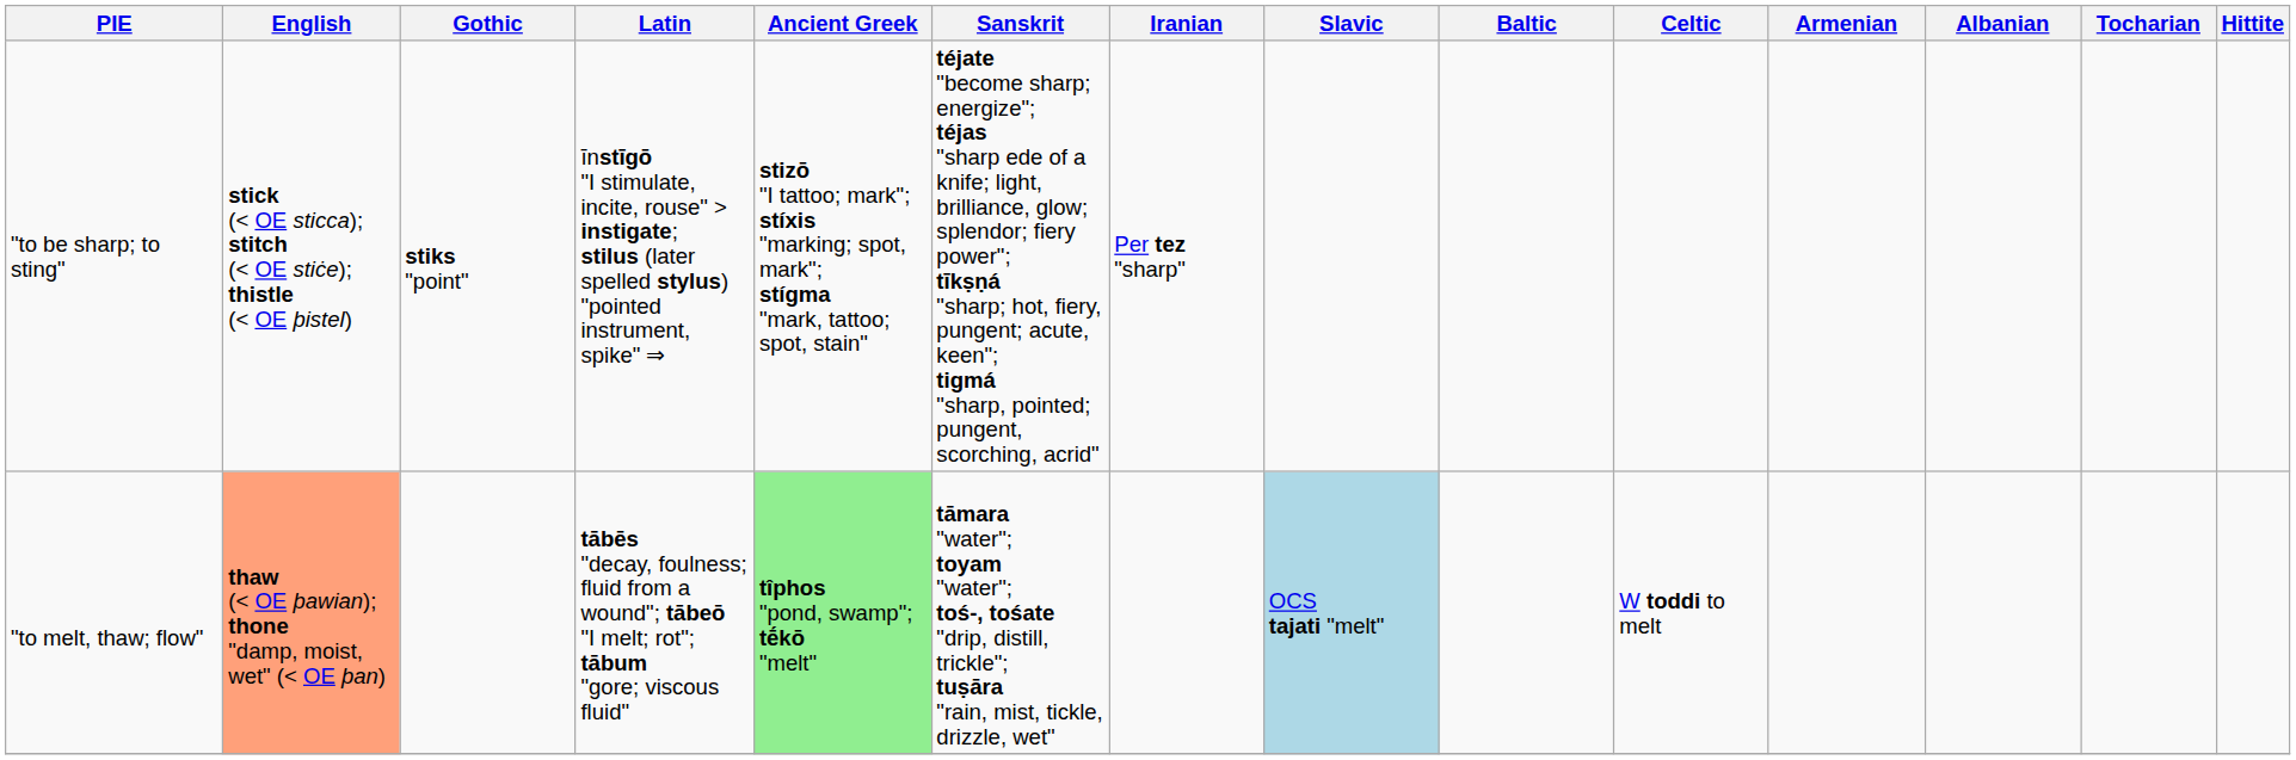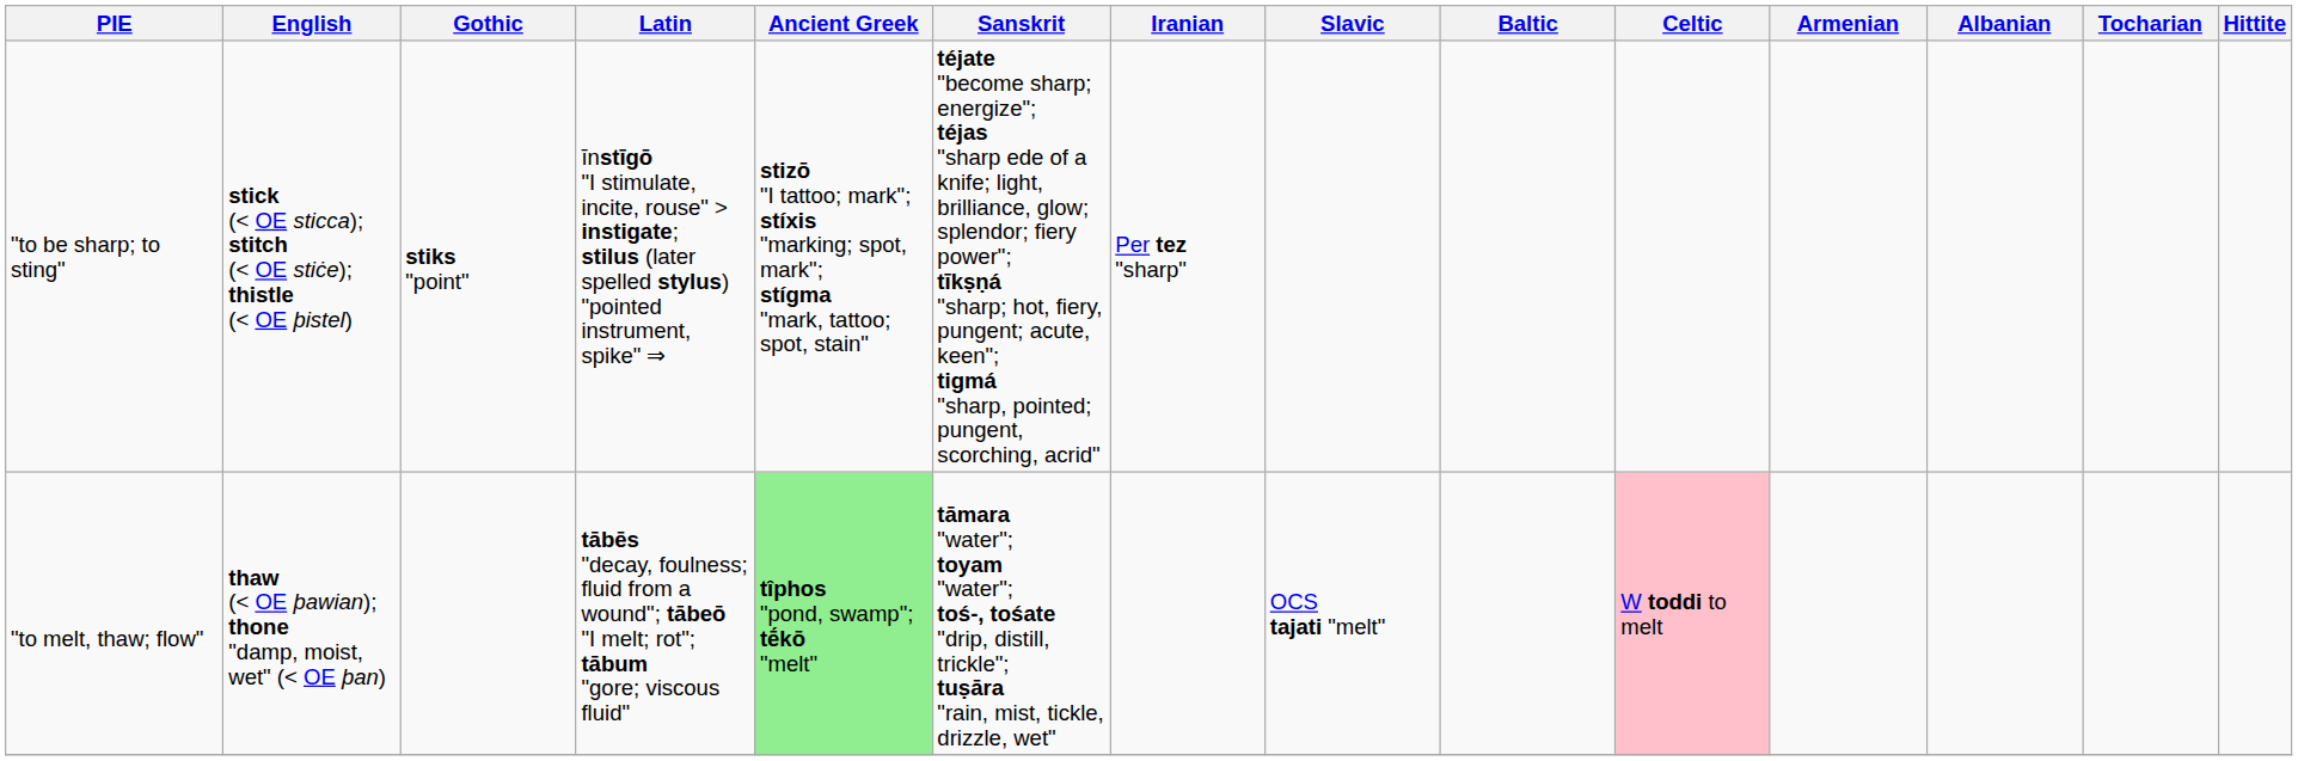 <table class="wikitable sticky-header" style="font-size:95%;">
 <tr>
 <th width="10%"><a href='#'>PIE</a></th>
 <th width="8%"><a href='#'>English</a></th>
 <th width="8%"><a href='#'>Gothic</a></th>
 <th width="8%"><a href='#'>Latin</a></th>
 <th width="8%"><a href='#'>Ancient Greek</a></th>
 <th width="8%"><a href='#'>Sanskrit</a></th>
 <th width="7%"><a href='#'>Iranian</a></th>
 <th width="8%"><a href='#'>Slavic</a></th>
 <th width="8%"><a href='#'>Baltic</a></th>
 <th width="7%"><a href='#'>Celtic</a></th>
 <th width="7%"><a href='#'>Armenian</a></th>
 <th width="7%"><a href='#'>Albanian</a></th>
 <th width="7%"><a href='#'>Tocharian</a></th>
 <th width="7%"><a href='#'>Hittite</a></th>
 </tr>
 <tr>
 <td> <strong></strong><br> "to be sharp; to sting" <br><br></td>
 <td><strong>stick</strong> <br> (< <a href='#'>OE</a> <em>sticca</em>);<br><strong>stitch</strong> <br> (< <a href='#'>OE</a> <em>stiċe</em>);<br><strong>thistle</strong> <br> (< <a href='#'>OE</a> <em>þistel</em>)</td>
 <td><br><strong>stiks</strong><br> "point"</td>
 <td>īn<strong>stīgō</strong><br> "I stimulate, incite, rouse" > <strong>instigate</strong>;<br><strong>stilus</strong> (later spelled <strong>stylus</strong>)<br> "pointed instrument, spike" ⇒<br> </td>
 <td><strong>stizō</strong><br> "I tattoo; mark";<br><strong>stíxis</strong><br> "marking; spot, mark";<br><strong>stígma</strong><br> "mark, tattoo; spot, stain"</td>
 <td><strong>téjate</strong><br> "become sharp; energize";<br><strong>téjas</strong><br> "sharp ede of a knife; light, brilliance, glow; splendor; fiery power";<br><strong>tīkṣṇá</strong><br> "sharp; hot, fiery, pungent; acute, keen";<br><strong>tigmá</strong><br> "sharp, pointed; pungent, scorching, acrid"</td>
 <td><a href='#'>Per</a> <strong>tez</strong> "sharp"</td>
 <td></td>
 <td></td>
 <td></td>
 <td></td>
 <td></td>
 <td></td>
 <td></td>
 </tr>
 <tr>
 <td><br>  <strong></strong><br> "to melt, thaw; flow" <br>   </td>
-<td style="background: lightsalmon;"><br><strong>thaw</strong> <br> (< <a href='#'>OE</a> <em>þawian</em>); <strong>thone</strong> <br> "damp, moist, wet" (< <a href='#'>OE</a> <em>þan</em>)</td>
+<td><br><strong>thaw</strong> <br> (< <a href='#'>OE</a> <em>þawian</em>); <strong>thone</strong> <br> "damp, moist, wet" (< <a href='#'>OE</a> <em>þan</em>)</td>
 <td></td>
 <td><br><strong>tābēs</strong><br> "decay, foulness; fluid from a wound"; <strong>tābeō</strong><br> "I melt; rot";<br>  <strong>tābum</strong><br> "gore; viscous fluid"</td>
 <td style="background: lightgreen;"><br><strong>tîphos</strong><br> "pond, swamp";<br> <strong>tḗkō</strong><br> "melt"</td>
 <td><br><strong>tāmara</strong><br> "water";<br> <strong>toyam</strong><br> "water";<br> <strong>toś-, tośate</strong><br> "drip, distill, trickle";<br> <strong>tuṣāra</strong><br> "rain, mist, tickle, drizzle, wet"</td>
 <td></td>
-<td style="background: lightblue;"><a href='#'>OCS</a><br><strong>tajati</strong> "melt"</td>
+<td><a href='#'>OCS</a><br><strong>tajati</strong> "melt"</td>
 <td></td>
-<td><a href='#'>W</a> <strong>toddi</strong> to melt</td>
+<td style="background: pink;"><a href='#'>W</a> <strong>toddi</strong> to melt</td>
 <td></td>
 <td></td>
 <td></td>
 <td></td>
 </tr>
 <tr>
 </tr>
 </table>
